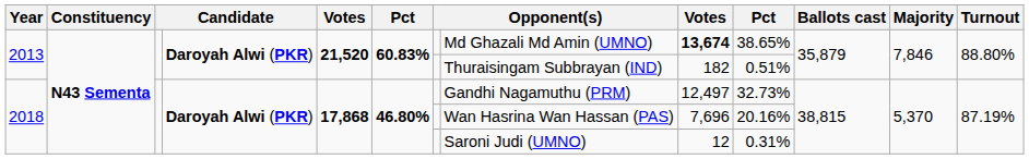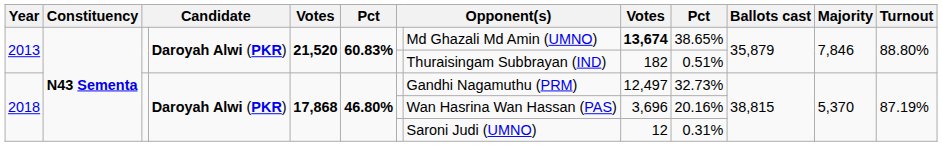 <table class="wikitable" style="margin:0.5em ; font-size:95%">
 <tr>
 <th>Year</th>
 <th>Constituency</th>
 <th colspan=2>Candidate</th>
 <th>Votes</th>
 <th>Pct</th>
 <th colspan=2>Opponent(s)</th>
 <th>Votes</th>
 <th>Pct</th>
 <th>Ballots cast</th>
 <th>Majority</th>
 <th>Turnout</th>
 </tr>
 <tr>
 <td rowspan=2><a href='#'>2013</a></td>
 <td rowspan=5><strong>N43 <a href='#'>Sementa</a></strong></td>
 <td rowspan=2 ></td>
 <td rowspan=2><strong>Daroyah Alwi</strong> (<a href='#'><strong>PKR</strong></a>)</td>
 <td rowspan=2 align="right"><strong>21,520</strong></td>
 <td rowspan=2><strong>60.83%</strong></td>
 <td></td>
 <td>Md Ghazali Md Amin (<a href='#'>UMNO</a>)</td>
 <td align="right"><strong>13,674</strong></td>
 <td>38.65%</td>
 <td rowspan=2>35,879</td>
 <td rowspan=2>7,846</td>
 <td rowspan=2>88.80%</td>
 </tr>
 <tr>
 <td></td>
 <td>Thuraisingam Subbrayan (<a href='#'>IND</a>)</td>
 <td align="right">182</td>
 <td align=right>0.51%</td>
 </tr>
 <tr>
 <td rowspan=3><a href='#'>2018</a></td>
 <td rowspan=3 ></td>
 <td rowspan=3><strong>Daroyah Alwi</strong> (<a href='#'><strong>PKR</strong></a>)</td>
 <td rowspan=3 align="right"><strong>17,868</strong></td>
 <td rowspan=3><strong>46.80%</strong></td>
 <td></td>
 <td>Gandhi Nagamuthu (<a href='#'>PRM</a>)</td>
 <td align="right">12,497</td>
 <td>32.73%</td>
 <td rowspan=3>38,815</td>
 <td rowspan=3>5,370</td>
 <td rowspan=3>87.19%</td>
 </tr>
 <tr>
 <td></td>
 <td>Wan Hasrina Wan Hassan (<a href='#'>PAS</a>)</td>
-<td align="right">7,696</td>
+<td align="right">3,696</td>
 <td>20.16%</td>
 </tr>
 <tr>
 <td bgcolor=></td>
 <td>Saroni Judi (<a href='#'>UMNO</a>)</td>
 <td align="right">12</td>
 <td align=right>0.31%</td>
 </tr>
 </table>
